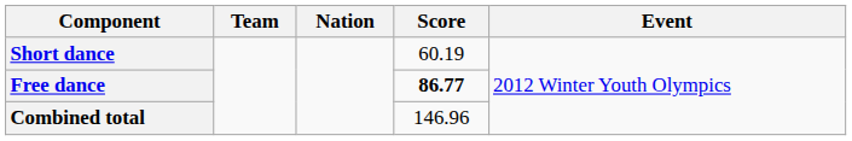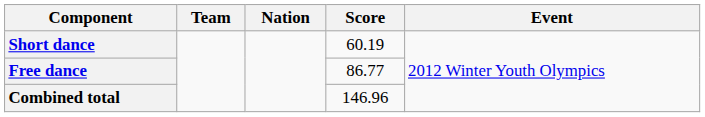 <table class="wikitable unsortable" style="text-align:left; width:75%">
 <tr>
 <th scope="col">Component</th>
 <th scope="col">Team</th>
 <th scope="col">Nation</th>
 <th scope="col">Score</th>
 <th scope="col">Event</th>
 </tr>
 <tr>
 <th scope="row" style="text-align:left"><a href='#'>Short dance</a></th>
 <td rowspan="3"></td>
 <td rowspan="3"></td>
 <td style="text-align:center">60.19</td>
 <td rowspan="3"><a href='#'>2012 Winter Youth Olympics</a></td>
 </tr>
 <tr>
 <th scope="row" style="text-align:left"><a href='#'>Free dance</a></th>
-<td style="text-align:center"><strong>86.77</strong></td>
+<td style="text-align:center">86.77</td>
 </tr>
 <tr>
 <th scope="row" style="text-align:left">Combined total</th>
 <td style="text-align:center">146.96</td>
 </tr>
 </table>
